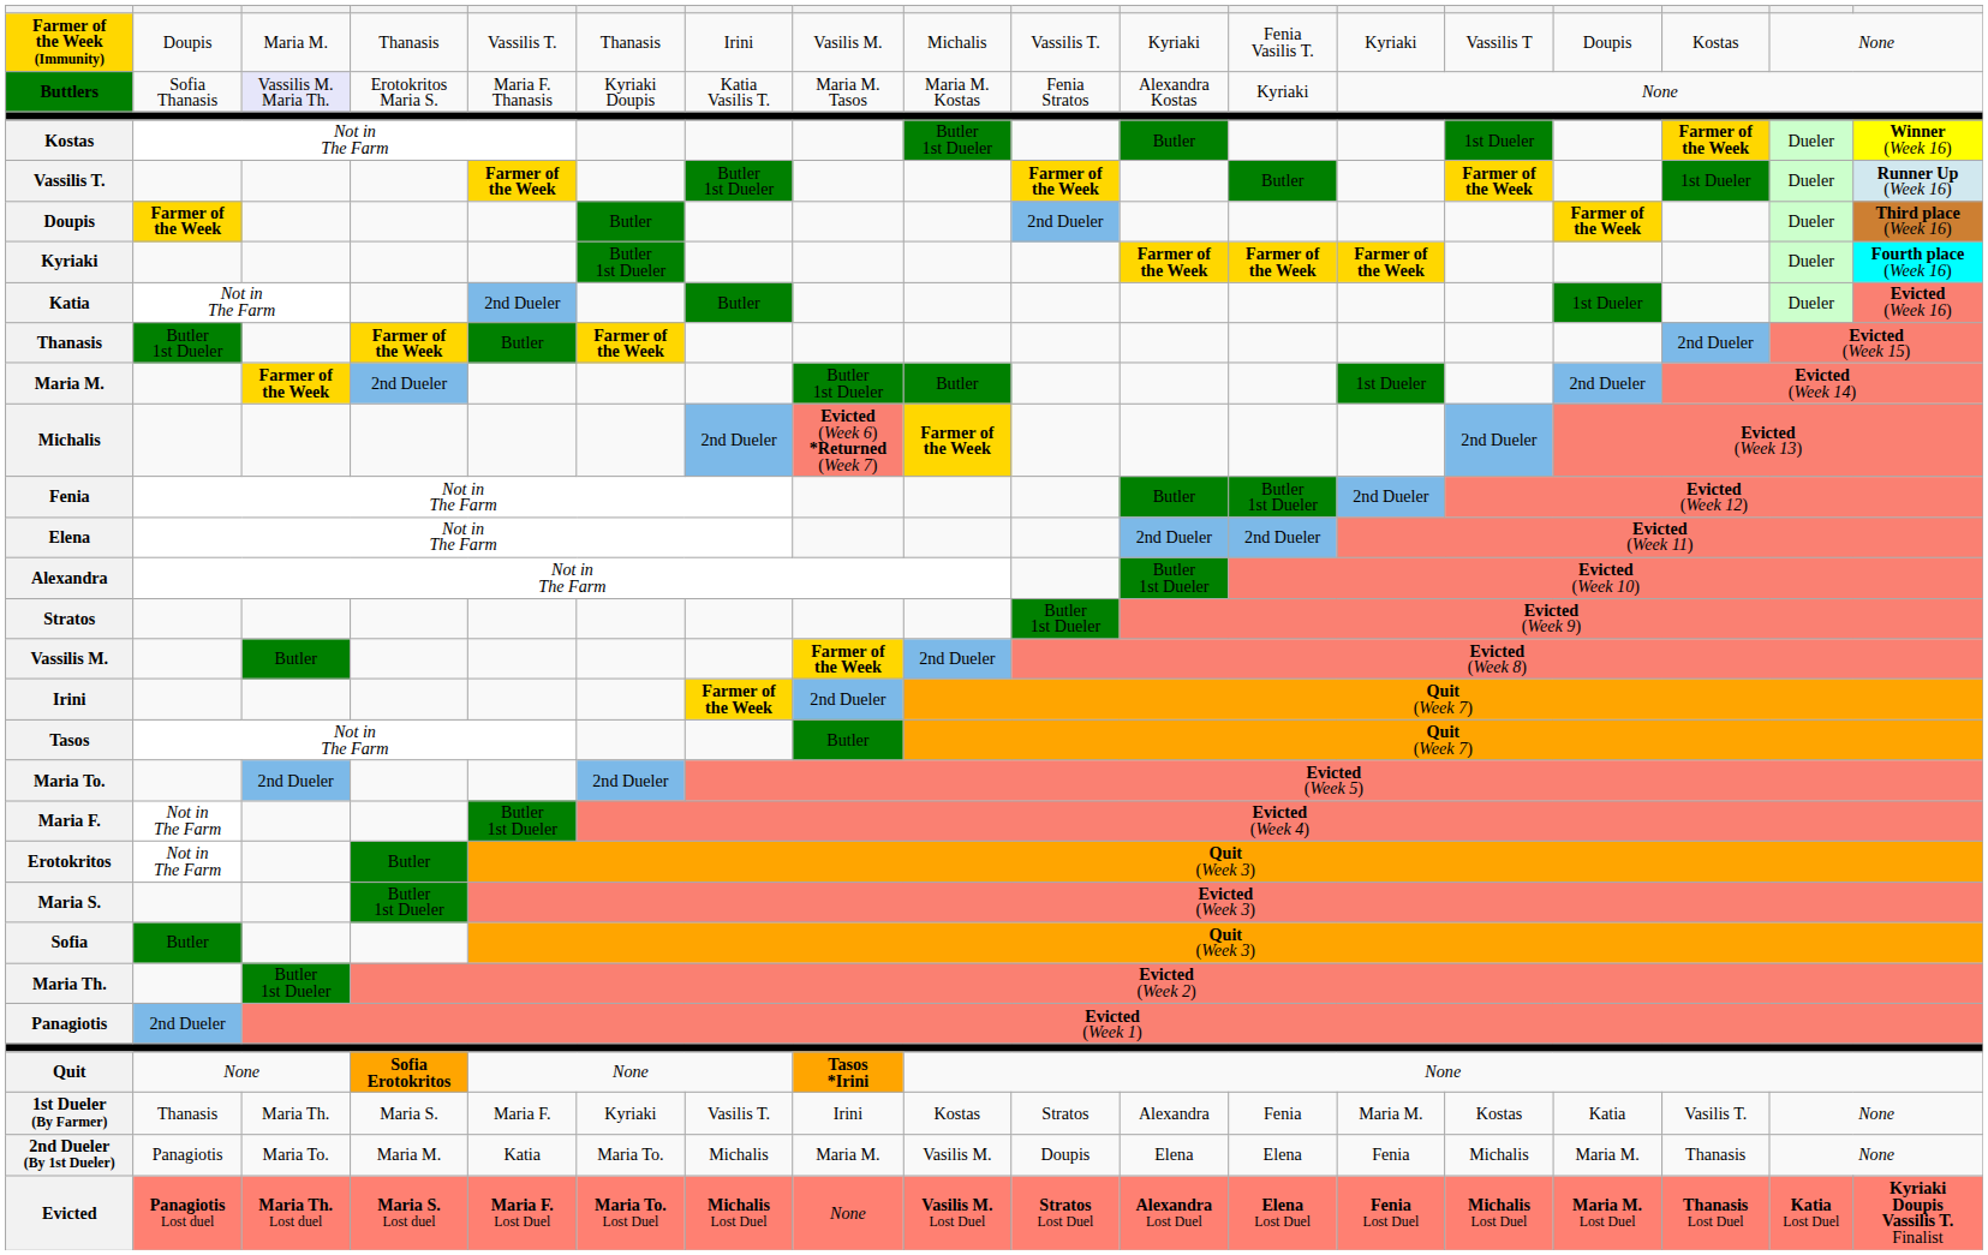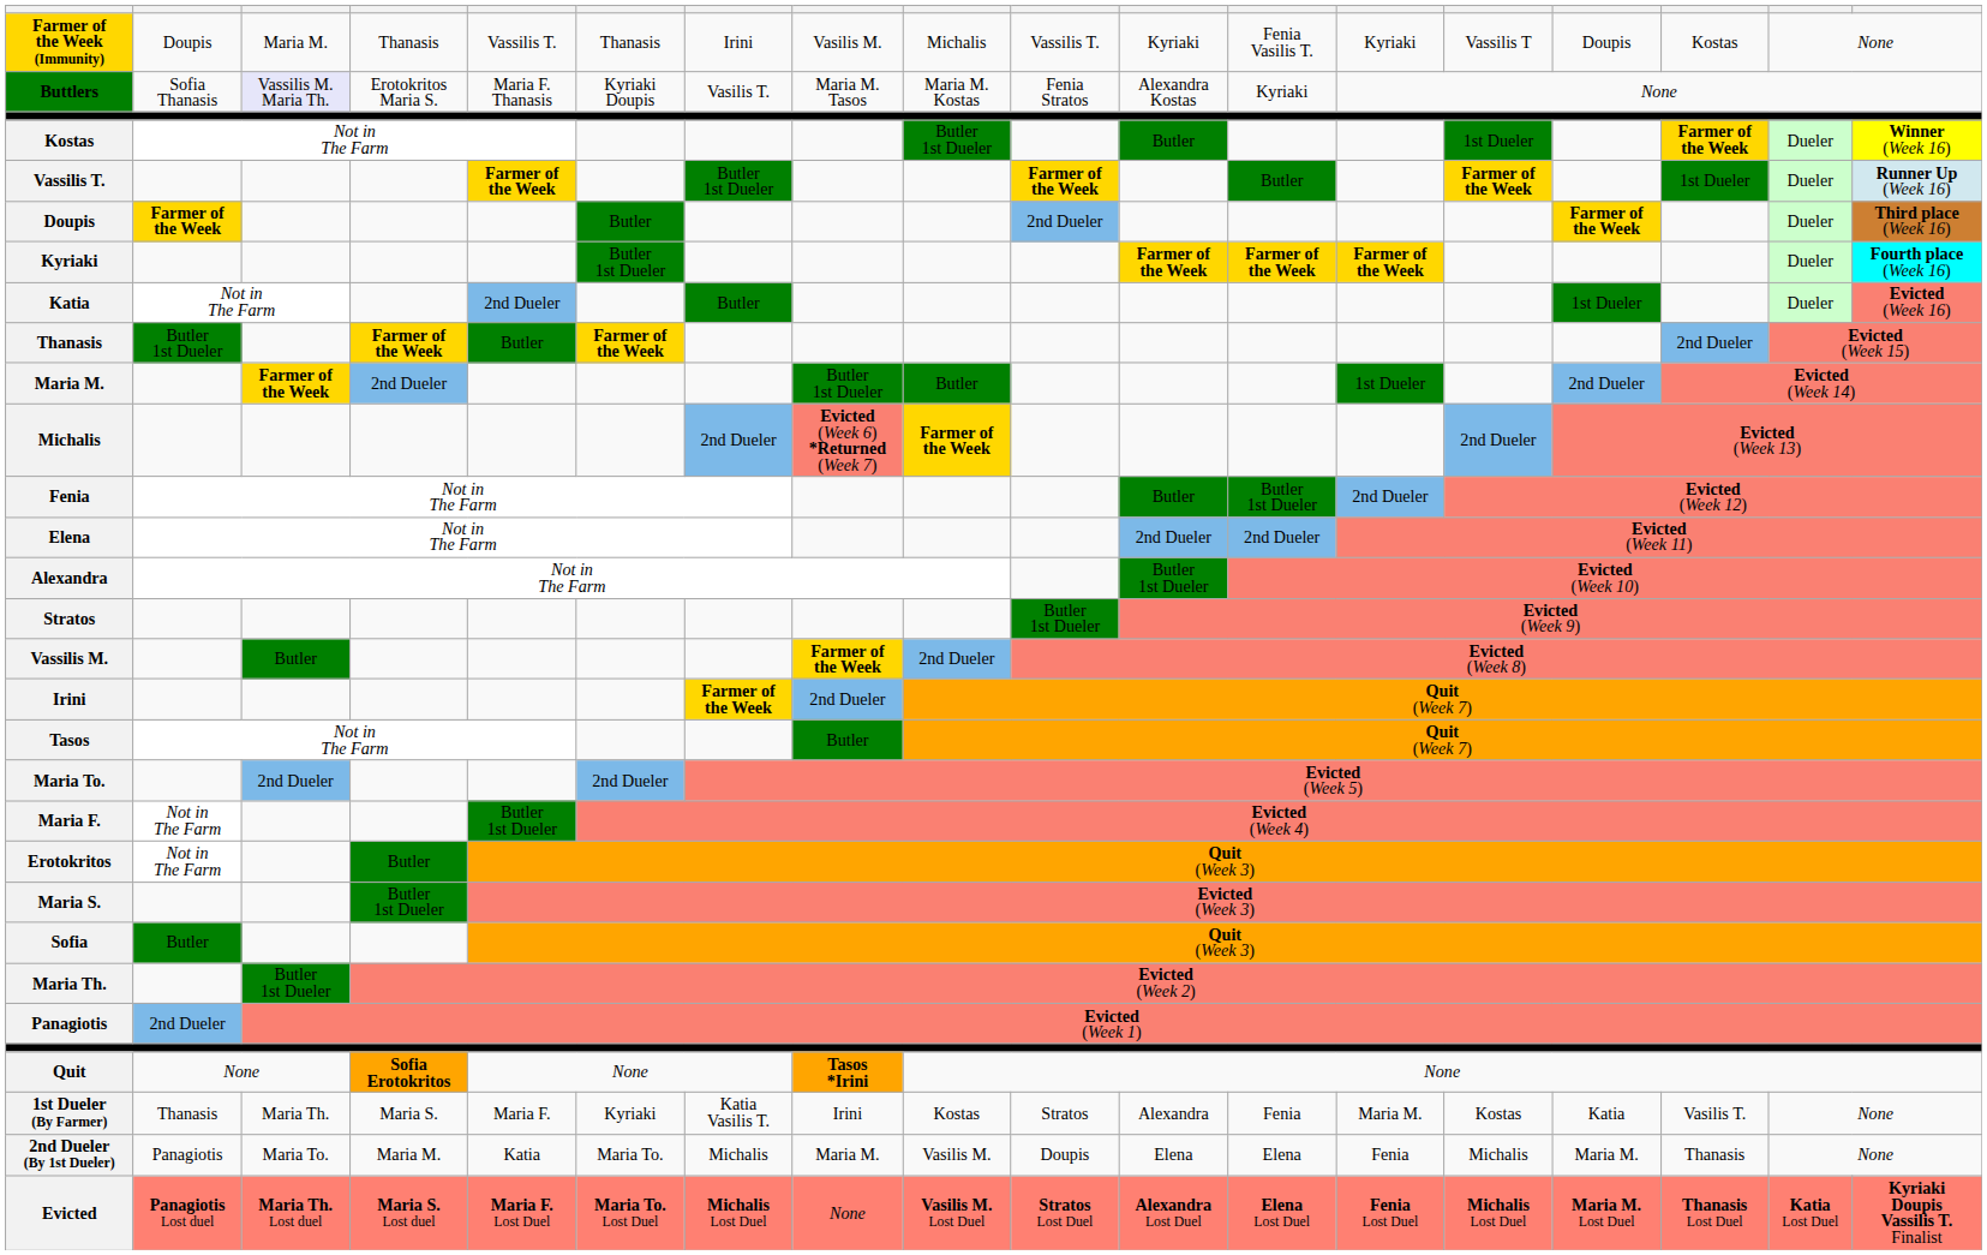 <table class="wikitable nowrap" style="text-align:center; width:100%; font-size:85%; line-height:13px">
 <tr>
 <th></th>
 <th></th>
 <th></th>
 <th></th>
 <th></th>
 <th></th>
 <th></th>
 <th></th>
 <th></th>
 <th></th>
 <th></th>
 <th></th>
 <th></th>
 <th></th>
 <th></th>
 <th></th>
 <th></th>
 <th></th>
 </tr>
 <tr>
 <th style="background:gold;">Farmer of<br> the Week<br><small>(Immunity)</small></th>
 <td>Doupis</td>
 <td>Maria M.</td>
 <td>Thanasis</td>
 <td>Vassilis T.</td>
 <td>Thanasis</td>
 <td>Irini</td>
 <td>Vasilis M.</td>
 <td>Michalis</td>
 <td>Vassilis T.</td>
 <td>Kyriaki</td>
 <td>Fenia<br>Vasilis T.</td>
 <td>Kyriaki</td>
 <td>Vassilis T</td>
 <td>Doupis</td>
 <td>Kostas</td>
 <td colspan="2"><em>None</em></td>
 </tr>
 <tr>
 <th style="background:green;">Buttlers</th>
 <td>Sofia<br>Thanasis</td>
 <td style="background: lavender;">Vassilis M.<br>Maria Th.</td>
 <td>Erotokritos<br>Maria S.</td>
 <td>Maria F.<br>Thanasis</td>
 <td>Kyriaki<br>Doupis</td>
-<td>Katia<br>Vasilis T.</td>
+<td>Vasilis T.</td>
 <td>Maria M.<br>Tasos</td>
 <td>Maria M.<br>Kostas</td>
 <td>Fenia<br>Stratos</td>
 <td>Alexandra<br>Kostas</td>
 <td>Kyriaki</td>
 <td colspan="6"><em>None</em></td>
 </tr>
 <tr>
 <th colspan="18" style="background:#000000;"></th>
 </tr>
 <tr>
 <th>Kostas</th>
 <td colspan="4" style="background:#FFFFFF; text-align:center;"><em>Not in<br>The Farm</em></td>
 <td></td>
 <td></td>
 <td></td>
 <td style="background:green;">Butler<br>1st Dueler</td>
 <td></td>
 <td style="background:green;">Butler</td>
 <td></td>
 <td></td>
 <td style="background:green;">1st Dueler</td>
 <td></td>
 <td style="background:gold;"><strong>Farmer of<br>the Week</strong></td>
 <td style="background:#cfc;">Dueler</td>
 <td colspan="2" style="background:yellow; "><strong>Winner</strong> <br> (<em>Week 16</em>)</td>
 </tr>
 <tr>
 <th>Vassilis T.</th>
 <td></td>
 <td></td>
 <td></td>
 <td style="background:gold;"><strong>Farmer of<br>the Week</strong></td>
 <td></td>
 <td style="background:green;">Butler<br>1st Dueler</td>
 <td></td>
 <td></td>
 <td style="background:gold;"><strong>Farmer of<br>the Week</strong></td>
 <td></td>
 <td style="background:green;">Butler</td>
 <td></td>
 <td style="background:gold;"><strong>Farmer of<br>the Week</strong></td>
 <td></td>
 <td style="background:green;">1st Dueler</td>
 <td style="background:#cfc;">Dueler</td>
 <td colspan="2" style="background:#D1E8EF; "><strong>Runner Up</strong> <br> (<em>Week 16</em>)</td>
 </tr>
 <tr>
 <th>Doupis</th>
 <td style="background:gold;"><strong>Farmer of<br>the Week</strong></td>
 <td></td>
 <td></td>
 <td></td>
 <td style="background:green;">Butler</td>
 <td></td>
 <td></td>
 <td></td>
 <td style="background:#7CB9E8;">2nd Dueler</td>
 <td></td>
 <td></td>
 <td></td>
 <td></td>
 <td style="background:gold;"><strong>Farmer of<br>the Week</strong></td>
 <td></td>
 <td style="background:#cfc;">Dueler</td>
 <td colspan="2" style="background:#CD7F32; "><strong>Third place</strong> <br> (<em>Week 16</em>)</td>
 </tr>
 <tr>
 <th>Kyriaki</th>
 <td></td>
 <td></td>
 <td></td>
 <td></td>
 <td style="background:green;">Butler <br> 1st Dueler</td>
 <td></td>
 <td></td>
 <td></td>
 <td></td>
 <td style="background:gold;"><strong>Farmer of<br>the Week</strong></td>
 <td style="background:gold;"><strong>Farmer of<br>the Week</strong></td>
 <td style="background:gold;"><strong>Farmer of<br>the Week</strong></td>
 <td></td>
 <td></td>
 <td></td>
 <td style="background:#cfc;">Dueler</td>
 <td colspan="2" style="background:cyan; "><strong>Fourth place</strong> <br> (<em>Week 16</em>)</td>
 </tr>
 <tr>
 <th>Katia</th>
 <td colspan="2" style="background:#FFFFFF; text-align:center;"><em>Not in<br>The Farm</em></td>
 <td></td>
 <td style="background:#7CB9E8;">2nd Dueler</td>
 <td></td>
 <td style="background:green;">Butler</td>
 <td></td>
 <td></td>
 <td></td>
 <td></td>
 <td></td>
 <td></td>
 <td></td>
 <td style="background:green;">1st Dueler</td>
 <td></td>
 <td style="background:#cfc;">Dueler</td>
 <td colspan="2" style="background:salmon; "><strong>Evicted</strong> <br> (<em>Week 16</em>)</td>
 </tr>
 <tr>
 <th>Thanasis</th>
 <td style="background:green;">Butler<br>1st Dueler</td>
 <td></td>
 <td style="background:gold;"><strong>Farmer of<br>the Week</strong></td>
 <td style="background:green;">Butler<br></td>
 <td style="background:gold;"><strong>Farmer of<br>the Week</strong></td>
 <td></td>
 <td></td>
 <td></td>
 <td></td>
 <td></td>
 <td></td>
 <td></td>
 <td></td>
 <td></td>
 <td style="background:#7CB9E8;">2nd Dueler</td>
 <td colspan="2" style="background:salmon; "><strong>Evicted</strong> <br> (<em>Week 15</em>)</td>
 </tr>
 <tr>
 <th>Maria M.</th>
 <td></td>
 <td style="background:gold;"><strong>Farmer of<br>the Week</strong></td>
 <td style="background:#7CB9E8;">2nd Dueler</td>
 <td></td>
 <td></td>
 <td></td>
 <td style="background:green;">Butler<br>1st Dueler</td>
 <td style="background:green;">Butler</td>
 <td></td>
 <td></td>
 <td></td>
 <td style="background:green;">1st Dueler</td>
 <td></td>
 <td style="background:#7CB9E8;">2nd Dueler</td>
 <td colspan="3" style="background:salmon; "><strong>Evicted</strong> <br> (<em>Week 14</em>)</td>
 </tr>
 <tr>
 <th>Michalis</th>
 <td></td>
 <td></td>
 <td></td>
 <td></td>
 <td></td>
 <td style="background:#7CB9E8;">2nd Dueler</td>
 <td colspan="1" style="background:salmon; "><strong>Evicted</strong> <br> (<em>Week 6</em>) <br> <strong>*Returned</strong> <br> (<em>Week 7</em>)</td>
 <td style="background:gold;"><strong>Farmer of<br>the Week</strong></td>
 <td></td>
 <td></td>
 <td></td>
 <td></td>
 <td style="background:#7CB9E8;">2nd Dueler</td>
 <td colspan="4" style="background:salmon; "><strong>Evicted</strong> <br> (<em>Week 13</em>)</td>
 </tr>
 <tr>
 <th>Fenia</th>
 <td colspan="6" style="background:#FFFFFF; text-align:center;"><em>Not in<br>The Farm</em></td>
 <td></td>
 <td></td>
 <td></td>
 <td style="background:green;">Butler</td>
 <td style="background:green;">Butler<br>1st Dueler</td>
 <td style="background:#7CB9E8;">2nd Dueler</td>
 <td colspan="5" style="background:salmon; "><strong>Evicted</strong> <br> (<em>Week 12</em>)</td>
 </tr>
 <tr>
 <th>Elena</th>
 <td colspan="6" style="background:#FFFFFF; text-align:center;"><em>Not in<br>The Farm</em></td>
 <td></td>
 <td></td>
 <td></td>
 <td style="background:#7CB9E8;">2nd Dueler</td>
 <td style="background:#7CB9E8;">2nd Dueler</td>
 <td colspan="6" style="background:salmon; "><strong>Evicted</strong> <br> (<em>Week 11</em>)</td>
 </tr>
 <tr>
 <th>Alexandra</th>
 <td colspan="8" style="background:#FFFFFF; text-align:center;"><em>Not in<br>The Farm</em></td>
 <td></td>
 <td style="background:green;">Butler<br>1st Dueler</td>
 <td colspan="7" style="background:salmon; "><strong>Evicted</strong> <br> (<em>Week 10</em>)</td>
 </tr>
 <tr>
 <th>Stratos</th>
 <td></td>
 <td></td>
 <td></td>
 <td></td>
 <td></td>
 <td></td>
 <td></td>
 <td></td>
 <td style="background:green;">Butler<br>1st Dueler</td>
 <td colspan="8" style="background:salmon; "><strong>Evicted</strong> <br> (<em>Week 9</em>)</td>
 </tr>
 <tr>
 <th>Vassilis M.</th>
 <td></td>
 <td style="background:green;">Butler</td>
 <td></td>
 <td></td>
 <td></td>
 <td></td>
 <td style="background:gold;"><strong>Farmer of<br>the Week</strong></td>
 <td style="background:#7CB9E8;">2nd Dueler</td>
 <td colspan="9" style="background:salmon; "><strong>Evicted</strong> <br> (<em>Week 8</em>)</td>
 </tr>
 <tr>
 <th>Irini</th>
 <td></td>
 <td></td>
 <td></td>
 <td></td>
 <td></td>
 <td style="background:gold;"><strong>Farmer of<br>the Week</strong></td>
 <td style="background:#7CB9E8;">2nd Dueler</td>
 <td colspan="10" style="background:#FFA500; text-align:center;"><strong>Quit</strong> <br> (<em>Week 7</em>)</td>
 </tr>
 <tr>
 <th>Tasos</th>
 <td colspan="4" style="background:#FFFFFF; text-align:center;"><em>Not in<br>The Farm</em></td>
 <td></td>
 <td></td>
 <td style="background:green;">Butler</td>
 <td colspan="10" style="background:#FFA500; text-align:center;"><strong>Quit</strong> <br> (<em>Week 7</em>)</td>
 </tr>
 <tr>
 <th>Maria To.</th>
 <td></td>
 <td style="background:#7CB9E8;">2nd Dueler</td>
 <td></td>
 <td></td>
 <td style="background:#7CB9E8;">2nd Dueler</td>
 <td colspan="12" style="background:salmon; "><strong>Evicted</strong> <br> (<em>Week 5</em>)</td>
 </tr>
 <tr>
 <th>Maria F.</th>
 <td style="background:#FFFFFF; text-align:center;"><em>Not in<br>The Farm</em></td>
 <td></td>
 <td></td>
 <td style="background:green;">Butler<br>1st Dueler</td>
 <td colspan="13" style="background:salmon; "><strong>Evicted</strong> <br> (<em>Week 4</em>)</td>
 </tr>
 <tr>
 <th>Erotokritos</th>
 <td style="background:#FFFFFF; text-align:center;"><em>Not in<br>The Farm</em></td>
 <td></td>
 <td style="background:green;">Butler</td>
 <td colspan="14" style="background:#FFA500; text-align:center;"><strong>Quit</strong> <br> (<em>Week 3</em>)</td>
 </tr>
 <tr>
 <th>Maria S.</th>
 <td></td>
 <td></td>
 <td style="background:green;">Butler<br>1st Dueler</td>
 <td colspan="14" style="background:salmon; "><strong>Evicted</strong> <br> (<em>Week 3</em>)</td>
 </tr>
 <tr>
 <th>Sofia</th>
 <td style="background:green;">Butler</td>
 <td></td>
 <td></td>
 <td colspan="14" style="background:#FFA500; text-align:center;"><strong>Quit</strong> <br> (<em>Week 3</em>)</td>
 </tr>
 <tr>
 <th>Maria Th.</th>
 <td></td>
 <td style="background:green;">Butler<br>1st Dueler</td>
 <td colspan="15" style="background:salmon; "><strong>Evicted</strong> <br> (<em>Week 2</em>)</td>
 </tr>
 <tr>
 <th>Panagiotis</th>
 <td style="background:#7CB9E8;">2nd Dueler</td>
 <td colspan="16" style="background:salmon; "><strong>Evicted</strong> <br> (<em>Week 1</em>)</td>
 </tr>
 <tr>
 <th colspan="18" style="background:#000000;"></th>
 </tr>
 <tr>
 <th>Quit</th>
 <td colspan="2"><em>None</em></td>
 <td style="background:#FFA500;"><strong>Sofia<br>Erotokritos</strong></td>
 <td colspan="3"><em>None</em></td>
 <td style="background:#FFA500;"><strong>Tasos<br>*Irini</strong></td>
 <td colspan="10"><em>None</em></td>
 </tr>
 <tr>
 <th>1st Dueler<br><small>(By Farmer)</small></th>
 <td>Thanasis</td>
 <td>Maria Th.</td>
 <td>Maria S.</td>
 <td>Maria F.</td>
 <td>Kyriaki</td>
-<td>Vasilis T.</td>
+<td>Katia<br>Vasilis T.</td>
 <td>Irini</td>
 <td>Kostas</td>
 <td>Stratos</td>
 <td>Alexandra</td>
 <td>Fenia</td>
 <td>Maria M.</td>
 <td>Kostas</td>
 <td>Katia</td>
 <td>Vasilis T.</td>
 <td colspan="2"><em>None</em></td>
 </tr>
 <tr>
 <th>2nd Dueler<br><small>(By 1st Dueler)</small></th>
 <td>Panagiotis</td>
 <td>Maria To.</td>
 <td>Maria M.</td>
 <td>Katia</td>
 <td>Maria To.</td>
 <td>Michalis</td>
 <td>Maria M.</td>
 <td>Vasilis M.</td>
 <td>Doupis</td>
 <td>Elena</td>
 <td>Elena</td>
 <td>Fenia</td>
 <td>Michalis</td>
 <td>Maria M.</td>
 <td>Thanasis</td>
 <td colspan="2"><em>None</em></td>
 </tr>
 <tr>
 <th>Evicted</th>
 <td style="background:#FF8072"><strong>Panagiotis</strong><br><small>Lost duel</small></td>
 <td style="background:#FF8072"><strong>Maria Th.</strong><br><small>Lost duel</small></td>
 <td style="background:#FF8072"><strong>Maria S.</strong><br><small>Lost duel</small></td>
 <td style="background:#FF8072"><strong>Maria F.</strong><br><small>Lost Duel</small></td>
 <td style="background:#FF8072"><strong>Maria To.</strong><br><small>Lost Duel</small></td>
 <td style="background:#FF8072"><strong>Michalis</strong><br><small>Lost Duel</small></td>
 <td style="background:#FF8072"><em>None</em></td>
 <td style="background:#FF8072"><strong>Vasilis M.</strong><br><small>Lost Duel</small></td>
 <td style="background:#FF8072"><strong>Stratos</strong><br><small>Lost Duel</small></td>
 <td style="background:#FF8072"><strong>Alexandra</strong><br><small>Lost Duel</small></td>
 <td style="background:#FF8072"><strong>Elena</strong><br><small>Lost Duel</small></td>
 <td style="background:#FF8072"><strong>Fenia</strong><br><small>Lost Duel</small></td>
 <td style="background:#FF8072"><strong>Michalis</strong><br><small>Lost Duel</small></td>
 <td style="background:#FF8072"><strong>Maria M.</strong><br><small>Lost Duel</small></td>
 <td style="background:#FF8072"><strong>Thanasis</strong><br><small>Lost Duel</small></td>
 <td style="background:#FF8072"><strong>Katia</strong><br><small>Lost Duel</small></td>
 <td style="background:#FF8072"><strong>Kyriaki<br>Doupis<br>Vassilis T.</strong><br>Finalist<small></small></td>
 </tr>
 <tr>
 </tr>
 </table>
